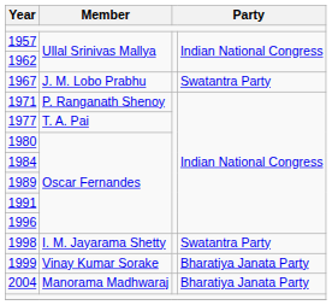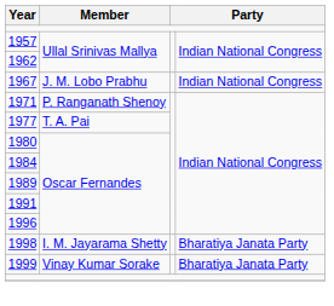 <table class="wikitable">
 <tr>
 <th>Year</th>
 <th>Member</th>
 <th colspan="2">Party</th>
 </tr>
 <tr>
 <td colspan="4"></td>
 </tr>
 <tr>
 <td><a href='#'>1957</a></td>
 <td rowspan="2"><a href='#'>Ullal Srinivas Mallya</a></td>
 <td rowspan="2" style="background-color: "></td>
 <td rowspan="2"><a href='#'>Indian National Congress</a></td>
 </tr>
 <tr>
 <td><a href='#'>1962</a></td>
 </tr>
 <tr>
 <td><a href='#'>1967</a></td>
 <td><a href='#'>J. M. Lobo Prabhu</a></td>
 <td style="background-color: "></td>
-<td><a href='#'>Swatantra Party</a></td>
+<td><a href='#'>Indian National Congress</a></td>
 </tr>
 <tr>
 <td><a href='#'>1971</a></td>
 <td><a href='#'>P. Ranganath Shenoy</a></td>
 <td rowspan="7" style="background-color: "></td>
 <td rowspan="7"><a href='#'>Indian National Congress</a></td>
 </tr>
 <tr>
 <td><a href='#'>1977</a></td>
 <td><a href='#'>T. A. Pai</a></td>
 </tr>
 <tr>
 <td><a href='#'>1980</a></td>
 <td rowspan="5"><a href='#'>Oscar Fernandes</a></td>
 </tr>
 <tr>
 <td><a href='#'>1984</a></td>
 </tr>
 <tr>
 <td><a href='#'>1989</a></td>
 </tr>
 <tr>
 <td><a href='#'>1991</a></td>
 </tr>
 <tr>
 <td><a href='#'>1996</a></td>
 </tr>
 <tr>
 <td><a href='#'>1998</a></td>
 <td><a href='#'>I. M. Jayarama Shetty</a></td>
 <td style="background-color: "></td>
-<td><a href='#'>Swatantra Party</a></td>
+<td><a href='#'>Bharatiya Janata Party</a></td>
 </tr>
 <tr>
 <td><a href='#'>1999</a></td>
 <td><a href='#'>Vinay Kumar Sorake</a></td>
-<td style="background-color: "></td>
-<td><a href='#'>Bharatiya Janata Party</a></td>
-</tr>
-<tr>
-<td><a href='#'>2004</a></td>
-<td><a href='#'>Manorama Madhwaraj</a></td>
 <td style="background-color: "></td>
 <td><a href='#'>Bharatiya Janata Party</a></td>
 </tr>
 <tr>
 <td colspan="4"></td>
 </tr>
 <tr>
 </tr>
 </table>
